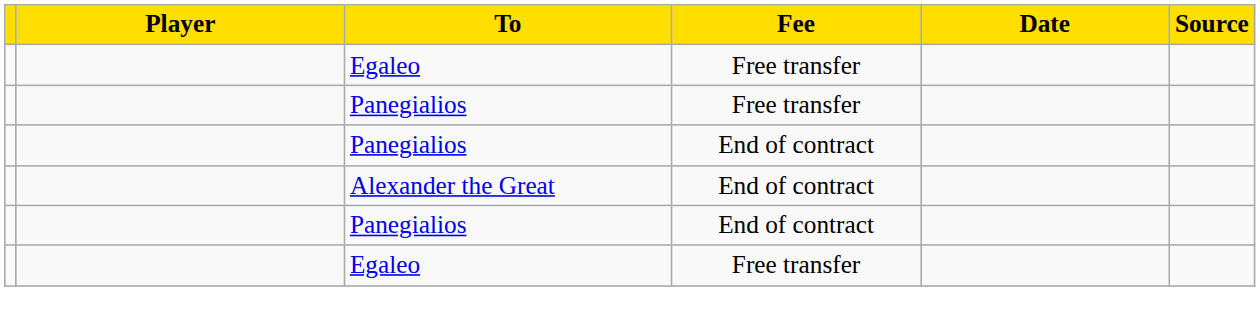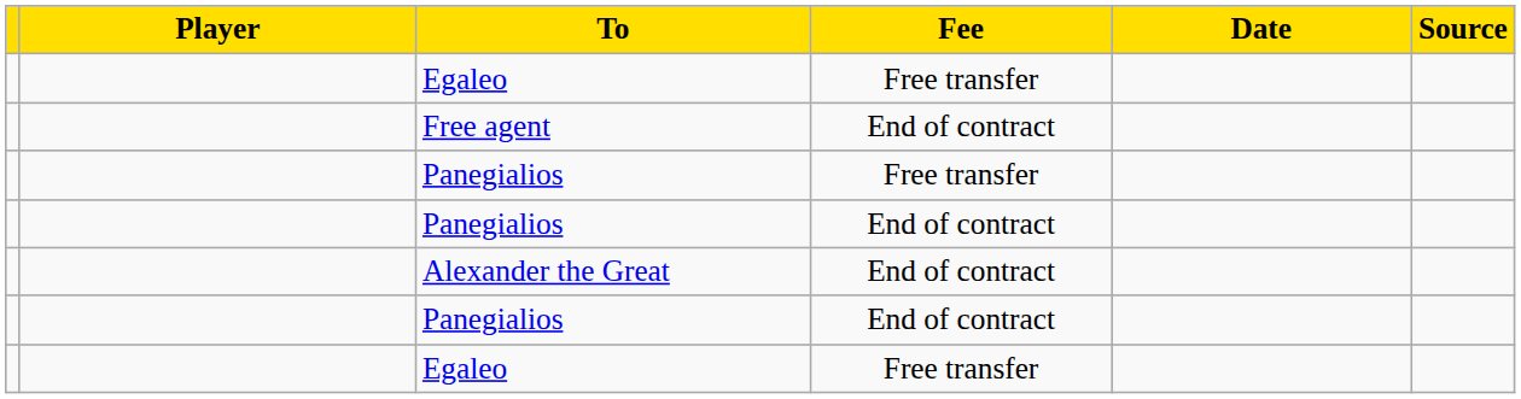 <table class="wikitable sortable">
 <tr>
 <th style="background:#FFDE00"></th>
 <th width=200 style="background:#FFDE00">Player</th>
 <th width=200 style="background:#FFDE00">To</th>
 <th width=150 style="background:#FFDE00">Fee</th>
 <th width=150 style="background:#FFDE00">Date</th>
 <th style="background:#FFDE00">Source</th>
 </tr>
 <tr>
 <td align=center></td>
 <td></td>
 <td> <a href='#'>Egaleo</a></td>
 <td align=center>Free transfer</td>
+<td align=center></td>
+<td align=center></td>
+</tr>
+<tr>
+<td align=center></td>
+<td></td>
+<td><a href='#'>Free agent</a></td>
+<td align=center>End of contract</td>
 <td align=center></td>
 <td align=center></td>
 </tr>
 <tr>
 <td align=center></td>
 <td></td>
 <td> <a href='#'>Panegialios</a></td>
 <td align=center>Free transfer</td>
 <td align=center></td>
 <td align=center></td>
 </tr>
 <tr>
 <td align=center></td>
 <td></td>
 <td> <a href='#'>Panegialios</a></td>
 <td align=center>End of contract</td>
 <td align=center></td>
 <td align=center></td>
 </tr>
 <tr>
 <td align=center></td>
 <td></td>
 <td> <a href='#'>Alexander the Great</a></td>
 <td align=center>End of contract</td>
 <td align=center></td>
 <td align=center></td>
 </tr>
 <tr>
 <td align=center></td>
 <td></td>
 <td> <a href='#'>Panegialios</a></td>
 <td align=center>End of contract</td>
 <td align=center></td>
 <td align=center></td>
 </tr>
 <tr>
 <td align=center></td>
 <td></td>
 <td> <a href='#'>Egaleo</a></td>
 <td align=center>Free transfer</td>
 <td align=center></td>
 <td align=center></td>
 </tr>
 </table>
